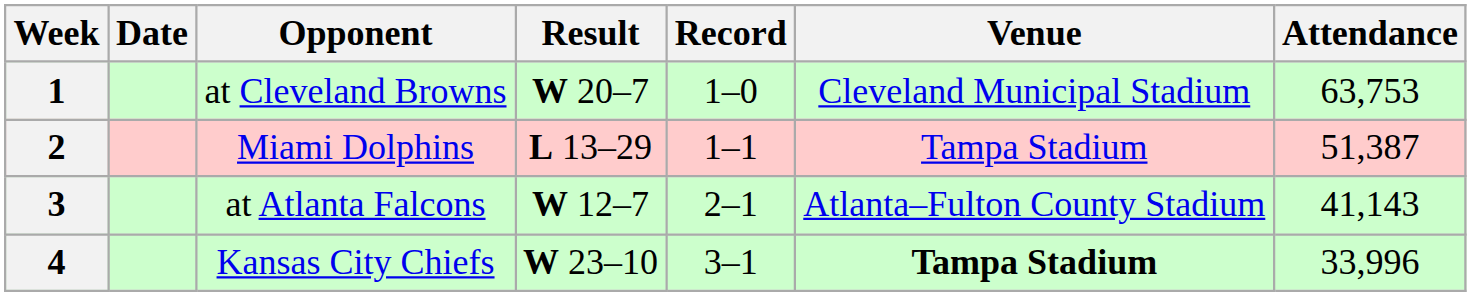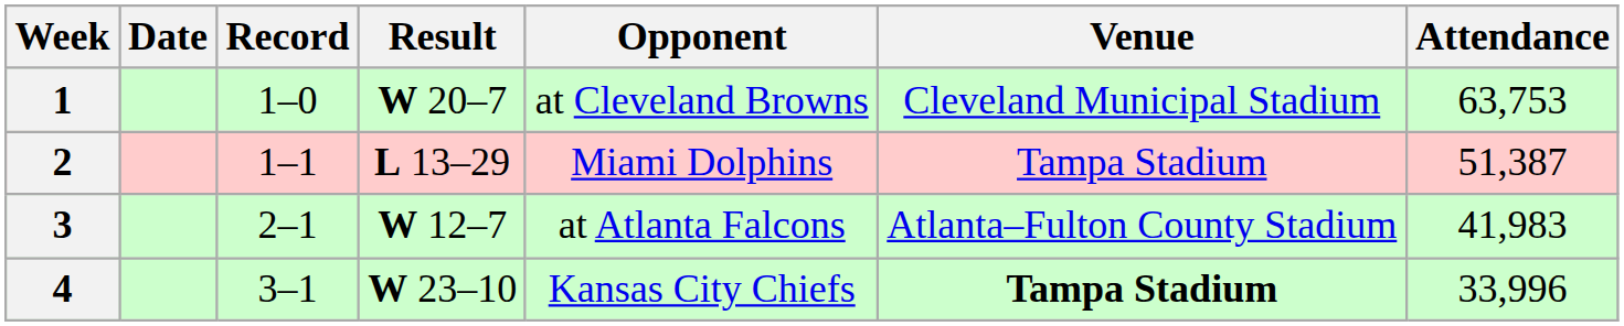 <table class="wikitable" style="text-align:center">
 <tr>
 <th>Week</th>
 <th>Date</th>
+<th>Record</th>
+<th>Result</th>
 <th>Opponent</th>
-<th>Result</th>
-<th>Record</th>
 <th>Venue</th>
 <th>Attendance</th>
 </tr>
 <tr style="background:#cfc">
 <th>1</th>
 <td></td>
+<td>1–0</td>
+<td><strong>W</strong> 20–7</td>
 <td>at <a href='#'>Cleveland Browns</a></td>
-<td><strong>W</strong> 20–7</td>
-<td>1–0</td>
 <td><a href='#'>Cleveland Municipal Stadium</a></td>
 <td>63,753</td>
 </tr>
 <tr style="background:#fcc">
 <th>2</th>
 <td></td>
+<td>1–1</td>
+<td><strong>L</strong> 13–29</td>
 <td><a href='#'>Miami Dolphins</a></td>
-<td><strong>L</strong> 13–29</td>
-<td>1–1</td>
 <td><a href='#'>Tampa Stadium</a></td>
 <td>51,387</td>
 </tr>
 <tr style="background:#cfc">
 <th>3</th>
 <td></td>
+<td>2–1</td>
+<td><strong>W</strong> 12–7</td>
 <td>at <a href='#'>Atlanta Falcons</a></td>
-<td><strong>W</strong> 12–7</td>
-<td>2–1</td>
 <td><a href='#'>Atlanta–Fulton County Stadium</a></td>
-<td>41,143</td>
+<td>41,983</td>
 </tr>
 <tr style="background:#cfc">
 <th>4</th>
 <td></td>
+<td>3–1</td>
+<td><strong>W</strong> 23–10</td>
 <td><a href='#'>Kansas City Chiefs</a></td>
-<td><strong>W</strong> 23–10</td>
-<td>3–1</td>
 <td><strong>Tampa Stadium</strong></td>
 <td>33,996</td>
 </tr>
 </table>
